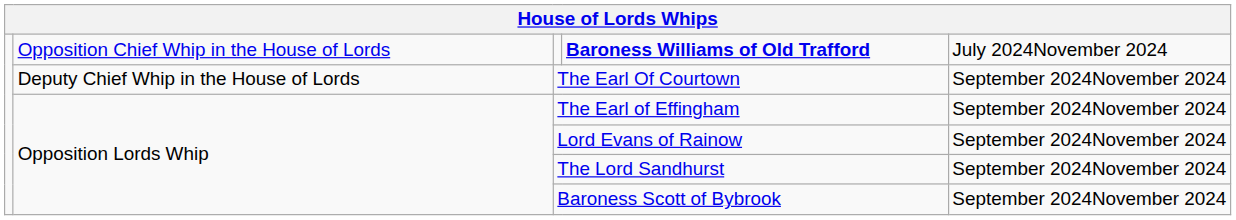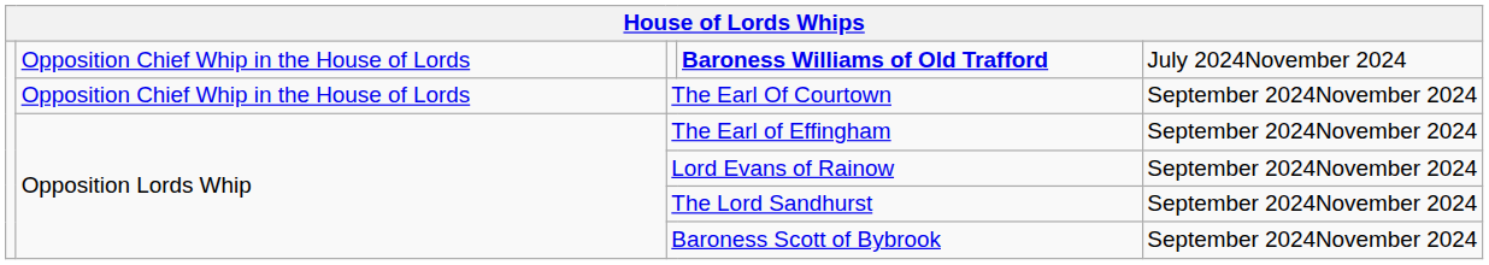 <table class="wikitable">
 <tr>
 <th colspan="5"><a href='#'>House of Lords Whips</a></th>
 </tr>
 <tr>
 <td rowspan="6" style="background: "></td>
 <td style="width: 450px;"><a href='#'>Opposition Chief Whip in the House of Lords</a></td>
 <td style="background: "></td>
 <td style="width: 320px;"><strong><a href='#'>Baroness Williams of Old Trafford</a></strong></td>
 <td>July 2024November 2024</td>
 </tr>
 <tr>
-<td>Deputy Chief Whip in the House of Lords</td>
+<td style="width: 450px;"><a href='#'>Opposition Chief Whip in the House of Lords</a></td>
 <td colspan="2"><a href='#'>The Earl Of Courtown</a></td>
 <td>September 2024November 2024</td>
 </tr>
 <tr>
 <td rowspan="4">Opposition Lords Whip</td>
 <td colspan="2"><a href='#'>The Earl of Effingham</a></td>
 <td>September 2024November 2024</td>
 </tr>
 <tr>
 <td colspan="2"><a href='#'>Lord Evans of Rainow</a></td>
 <td>September 2024November 2024</td>
 </tr>
 <tr>
 <td colspan="2"><a href='#'>The Lord Sandhurst</a></td>
 <td>September 2024November 2024</td>
 </tr>
 <tr>
 <td colspan="2"><a href='#'>Baroness Scott of Bybrook</a></td>
 <td>September 2024November 2024</td>
 </tr>
 </table>
